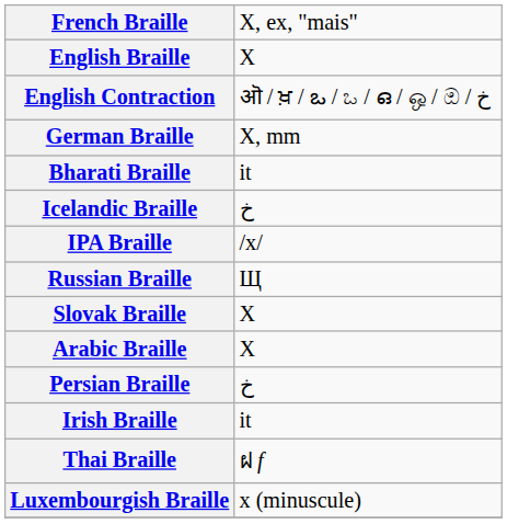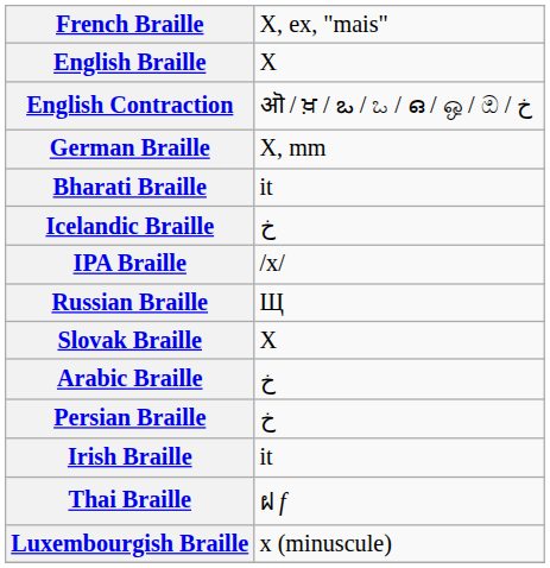 <table class="wikitable">
 <tr>
 <th align=left><a href='#'>French Braille</a></th>
 <td>X, ex, "mais"</td>
 </tr>
 <tr>
 <th align=left><a href='#'>English Braille</a></th>
 <td>X</td>
 </tr>
 <tr>
 <th align=left><a href='#'>English Contraction</a></th>
 <td>ऒ / ਖ਼ / ఒ / ಒ / ഒ / ஒ / ඔ / خ ‎</td>
 </tr>
 <tr>
 <th align=left><a href='#'>German Braille</a></th>
 <td>X, mm</td>
 </tr>
 <tr>
 <th align=left><a href='#'>Bharati Braille</a></th>
 <td>it</td>
 </tr>
 <tr>
 <th align=left><a href='#'>Icelandic Braille</a></th>
 <td>خ</td>
 </tr>
 <tr>
 <th align=left><a href='#'>IPA Braille</a></th>
 <td>/x/</td>
 </tr>
 <tr>
 <th align=left><a href='#'>Russian Braille</a></th>
 <td>Щ</td>
 </tr>
 <tr>
 <th align=left><a href='#'>Slovak Braille</a></th>
 <td>X</td>
 </tr>
 <tr>
 <th align=left><a href='#'>Arabic Braille</a></th>
-<td>X</td>
+<td>خ</td>
 </tr>
 <tr>
 <th align=left><a href='#'>Persian Braille</a></th>
 <td>خ</td>
 </tr>
 <tr>
 <th align=left><a href='#'>Irish Braille</a></th>
 <td>it</td>
 </tr>
 <tr>
 <th align=left><a href='#'>Thai Braille</a></th>
 <td>ฝ <em>f</em></td>
 </tr>
 <tr>
 <th align=left><a href='#'>Luxembourgish Braille</a></th>
 <td>x (minuscule)</td>
 </tr>
 <tr>
 </tr>
 </table>
